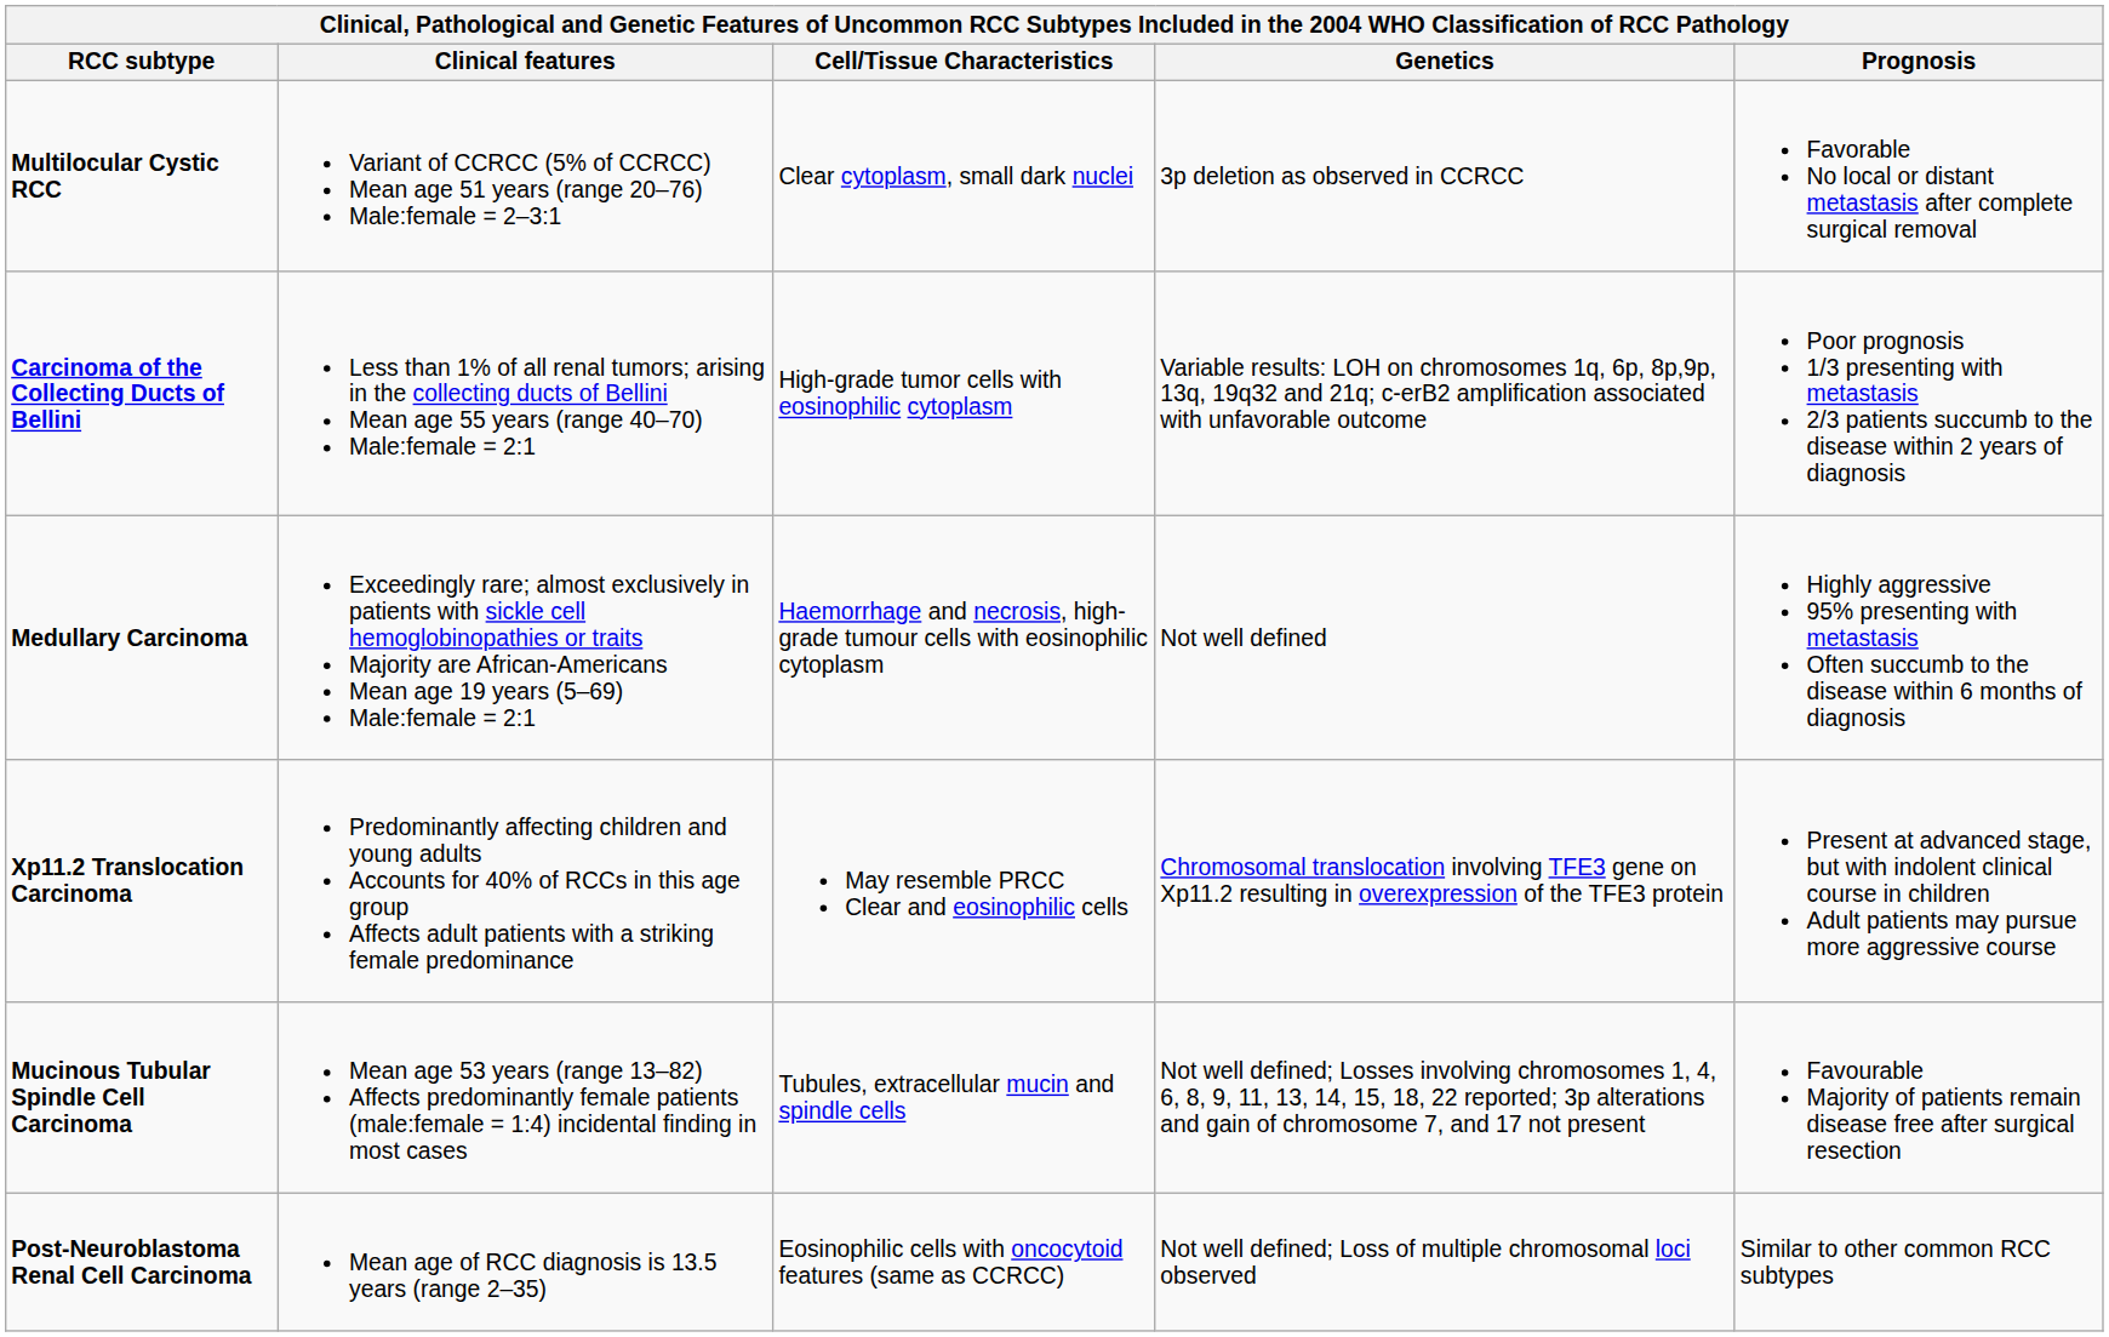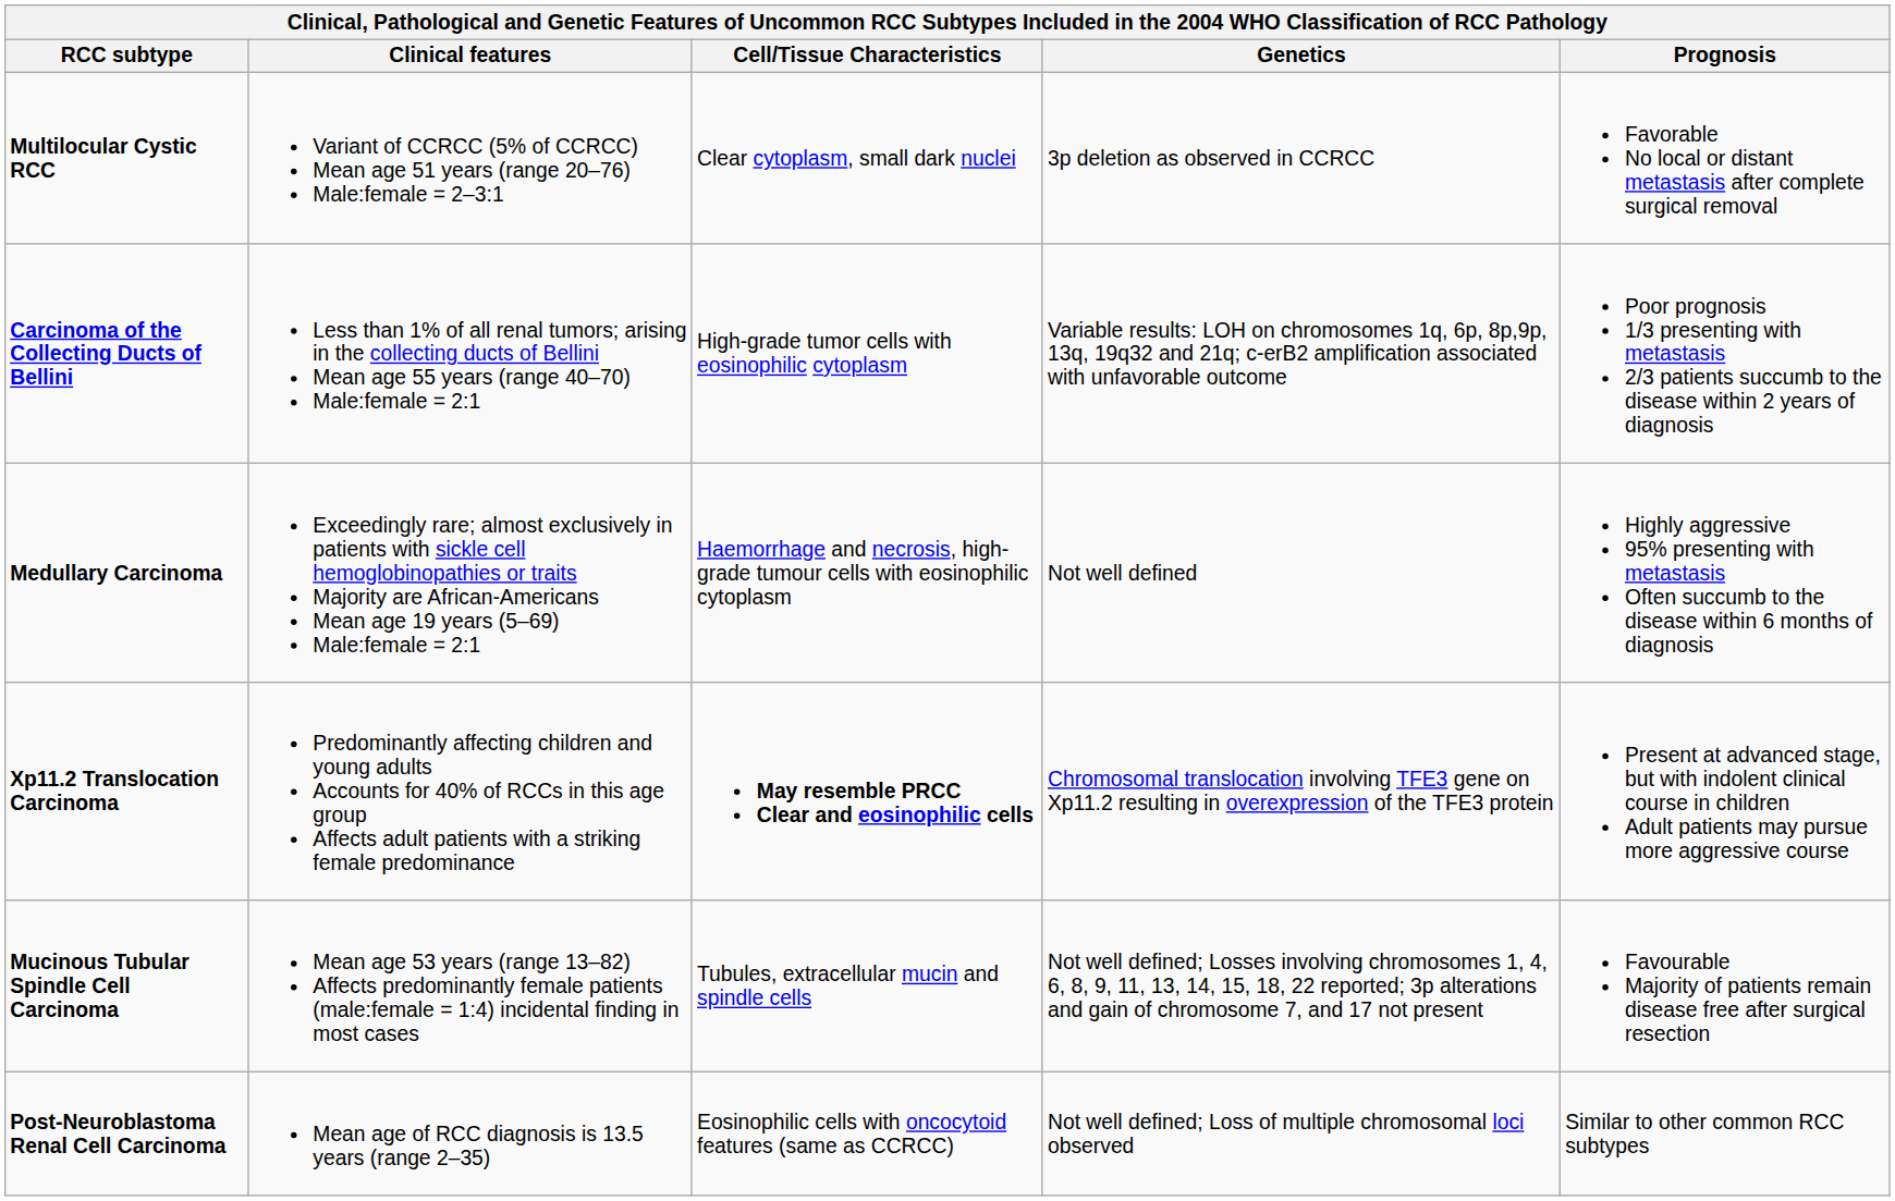 <table class="wikitable collapsible collapsed" style="font-size:88%; width:100%">
 <tr>
 <th colspan=5>Clinical, Pathological and Genetic Features of Uncommon RCC Subtypes Included in the 2004 WHO Classification of RCC Pathology</th>
 </tr>
 <tr>
 <th>RCC subtype</th>
 <th>Clinical features</th>
 <th>Cell/Tissue Characteristics</th>
 <th>Genetics</th>
 <th>Prognosis</th>
 </tr>
 <tr>
 <td><strong>Multilocular Cystic RCC</strong></td>
 <td><br><ul><li>Variant of CCRCC (5% of CCRCC)</li><li>Mean age 51 years (range 20–76)</li><li>Male:female = 2–3:1</li></ul></td>
 <td>Clear <a href='#'>cytoplasm</a>, small dark <a href='#'>nuclei</a></td>
 <td>3p deletion as observed in CCRCC</td>
 <td><br><ul><li>Favorable</li><li>No local or distant <a href='#'>metastasis</a> after complete surgical removal</li></ul></td>
 </tr>
 <tr>
 <td><strong><a href='#'>Carcinoma of the Collecting Ducts of Bellini</a></strong></td>
 <td><br><ul><li>Less than 1% of all renal tumors; arising in the <a href='#'>collecting ducts of Bellini</a></li><li>Mean age 55 years (range 40–70)</li><li>Male:female = 2:1</li></ul></td>
 <td>High-grade tumor cells with <a href='#'>eosinophilic</a> <a href='#'>cytoplasm</a></td>
 <td>Variable results:  LOH on chromosomes 1q, 6p, 8p,9p, 13q, 19q32 and 21q; c-erB2 amplification associated with unfavorable outcome</td>
 <td><br><ul><li>Poor prognosis</li><li>1/3 presenting with <a href='#'>metastasis</a></li><li>2/3 patients succumb to the disease within 2 years of diagnosis</li></ul></td>
 </tr>
 <tr>
 <td><strong>Medullary Carcinoma</strong></td>
 <td><br><ul><li>Exceedingly rare; almost exclusively in patients with <a href='#'>sickle cell hemoglobinopathies or traits</a></li><li>Majority are African-Americans</li><li>Mean age 19 years (5–69)</li><li>Male:female = 2:1</li></ul></td>
 <td><a href='#'>Haemorrhage</a> and <a href='#'>necrosis</a>, high-grade tumour cells with eosinophilic cytoplasm</td>
 <td>Not well defined</td>
 <td><br><ul><li>Highly aggressive</li><li>95% presenting with <a href='#'>metastasis</a></li><li>Often succumb to the disease within 6 months of diagnosis</li></ul></td>
 </tr>
 <tr>
 <td><strong>Xp11.2 Translocation Carcinoma</strong></td>
 <td><br><ul><li>Predominantly affecting children and young adults</li><li>Accounts for 40% of RCCs in this age group</li><li>Affects adult patients with a striking female predominance</li></ul></td>
-<td><br><ul><li>May resemble PRCC</li><li>Clear and <a href='#'>eosinophilic</a> cells</li></ul></td>
+<td><strong><br><ul><li>May resemble PRCC</li><li>Clear and <a href='#'>eosinophilic</a> cells</li></ul></strong></td>
 <td><a href='#'>Chromosomal translocation</a> involving <a href='#'>TFE3</a> gene on Xp11.2 resulting in <a href='#'>overexpression</a> of the TFE3 protein</td>
 <td><br><ul><li>Present at advanced stage, but with indolent clinical course in children</li><li>Adult patients may pursue more aggressive course</li></ul></td>
 </tr>
 <tr>
 <td><strong>Mucinous Tubular Spindle Cell Carcinoma</strong></td>
 <td><br><ul><li>Mean age 53 years (range 13–82)</li><li>Affects predominantly female patients (male:female = 1:4) incidental finding in most cases</li></ul></td>
 <td>Tubules, extracellular <a href='#'>mucin</a> and <a href='#'>spindle cells</a></td>
 <td>Not well defined;  Losses involving chromosomes 1, 4, 6, 8, 9, 11, 13, 14, 15, 18, 22 reported; 3p alterations and gain of chromosome 7, and 17 not present</td>
 <td><br><ul><li>Favourable</li><li>Majority of patients remain disease free after surgical resection</li></ul></td>
 </tr>
 <tr>
 <td><strong>Post-Neuroblastoma Renal Cell Carcinoma</strong></td>
 <td><br><ul><li>Mean age of RCC diagnosis is 13.5 years (range 2–35)</li></ul></td>
 <td>Eosinophilic cells with <a href='#'>oncocytoid</a> features (same as CCRCC)</td>
 <td>Not well defined;  Loss of multiple chromosomal <a href='#'>loci</a> observed</td>
 <td>Similar to other common RCC subtypes</td>
 </tr>
 </table>
